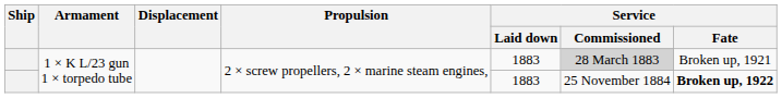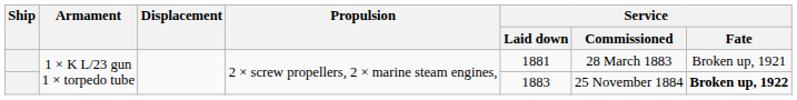 <table class="wikitable plainrowheaders" style="text-align: center;">
 <tr valign="top">
 <th scope="col" rowspan="2">Ship</th>
 <th scope="col" rowspan="2">Armament</th>
 <th scope="col" rowspan="2">Displacement</th>
 <th scope="col" rowspan="2">Propulsion</th>
 <th scope="col" colspan="3">Service</th>
 </tr>
 <tr valign="top">
 <th scope="col">Laid down</th>
 <th scope="col">Commissioned</th>
 <th scope="col">Fate</th>
 </tr>
 <tr valign="center">
 <th scope="row"></th>
 <td rowspan="2">1 ×  K L/23 gun<br>1 ×  torpedo tube</td>
 <td rowspan="2"></td>
 <td rowspan="2">2 × screw propellers, 2 × marine steam engines, </td>
-<td>1883</td>
-<td style="background: lightgrey;">28 March 1883</td>
+<td>1881</td>
+<td>28 March 1883</td>
 <td>Broken up, 1921</td>
 </tr>
 <tr valign="center">
 <th scope="row"></th>
 <td>1883</td>
 <td>25 November 1884</td>
 <td><strong>Broken up, 1922</strong></td>
 </tr>
 </table>
